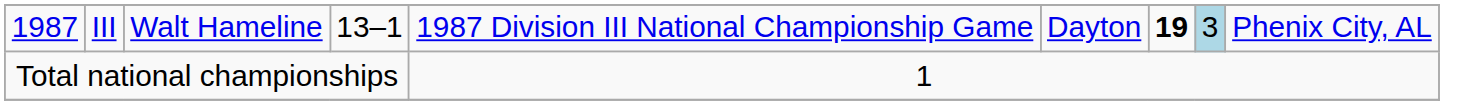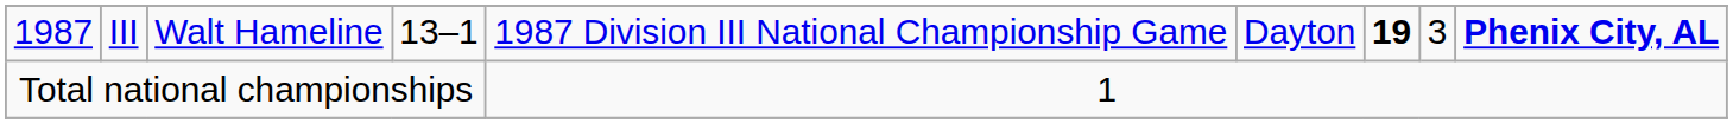 <table class="wikitable" style="text-align:center">
 <tr>
 </tr>
 <tr>
 <td><a href='#'>1987</a></td>
 <td><a href='#'>III</a></td>
 <td><a href='#'>Walt Hameline</a></td>
 <td>13–1</td>
 <td><a href='#'>1987 Division III National Championship Game</a></td>
 <td><a href='#'>Dayton</a></td>
 <td><strong>19</strong></td>
-<td style="background: lightblue;">3</td>
-<td><a href='#'>Phenix City, AL</a></td>
+<td>3</td>
+<td><strong><a href='#'>Phenix City, AL</a></strong></td>
 </tr>
 <tr>
 <td colspan=4>Total national championships</td>
 <td colspan=5>1</td>
 </tr>
 <tr>
 </tr>
 </table>
